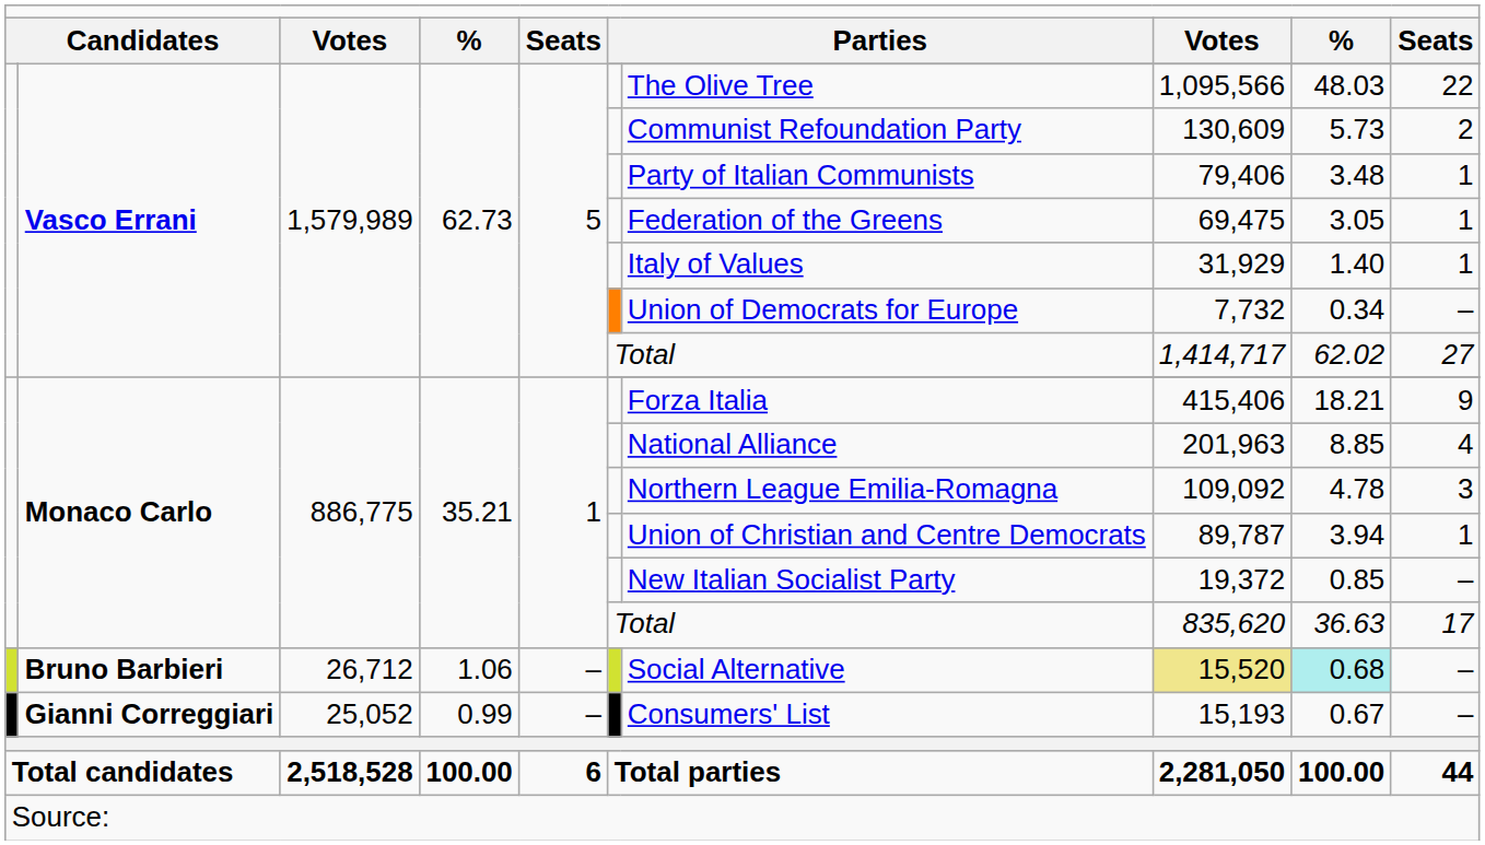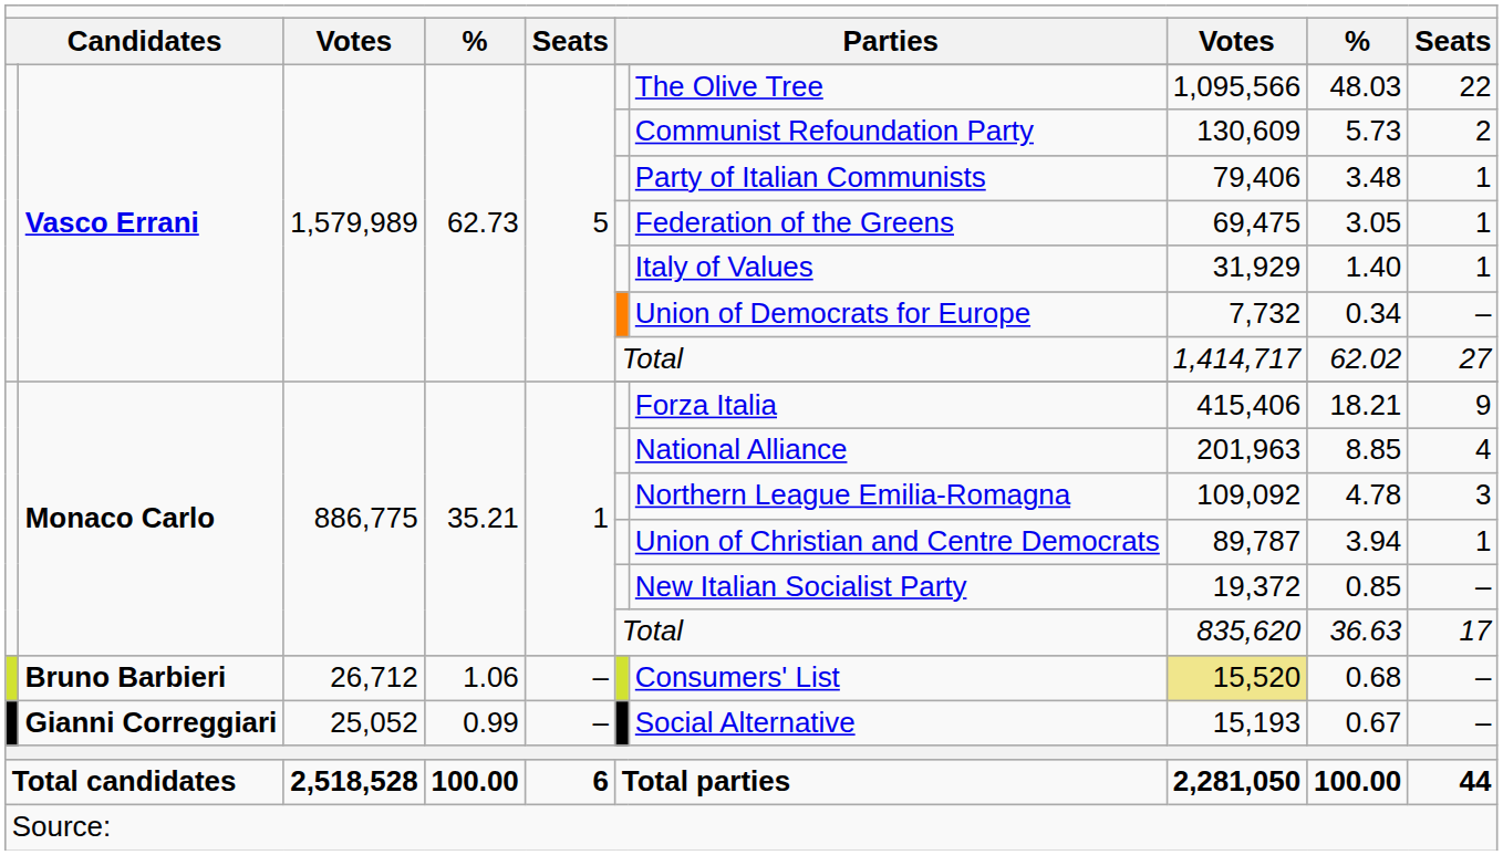 <table class="wikitable">
 <tr>
 <td colspan=10></td>
 </tr>
 <tr>
 <th colspan=2>Candidates</th>
 <th>Votes</th>
 <th>%</th>
 <th>Seats</th>
 <th colspan=2>Parties</th>
 <th>Votes</th>
 <th>%</th>
 <th>Seats</th>
 </tr>
 <tr>
 <td rowspan=8></td>
 <td rowspan=8><strong><a href='#'>Vasco Errani</a></strong></td>
 <td rowspan=8 align=right>1,579,989</td>
 <td rowspan=8 align=right>62.73</td>
 <td rowspan=8 align=right>5</td>
 </tr>
 <tr>
 <td></td>
 <td><a href='#'>The Olive Tree</a></td>
 <td align=right>1,095,566</td>
 <td align=right>48.03</td>
 <td align=right>22</td>
 </tr>
 <tr>
 <td></td>
 <td><a href='#'>Communist Refoundation Party</a></td>
 <td align=right>130,609</td>
 <td align=right>5.73</td>
 <td align=right>2</td>
 </tr>
 <tr>
 <td></td>
 <td><a href='#'>Party of Italian Communists</a></td>
 <td align=right>79,406</td>
 <td align=right>3.48</td>
 <td align=right>1</td>
 </tr>
 <tr>
 <td></td>
 <td><a href='#'>Federation of the Greens</a></td>
 <td align=right>69,475</td>
 <td align=right>3.05</td>
 <td align=right>1</td>
 </tr>
 <tr>
 <td></td>
 <td><a href='#'>Italy of Values</a></td>
 <td align=right>31,929</td>
 <td align=right>1.40</td>
 <td align=right>1</td>
 </tr>
 <tr>
 <td bgcolor="#FF7F00"></td>
 <td><a href='#'>Union of Democrats for Europe</a></td>
 <td align=right>7,732</td>
 <td align=right>0.34</td>
 <td align=right>–</td>
 </tr>
 <tr>
 <td colspan=2><em>Total</em></td>
 <td align=right><em>1,414,717</em></td>
 <td align=right><em>62.02</em></td>
 <td align=right><em>27</em></td>
 </tr>
 <tr>
 <td rowspan=7></td>
 <td rowspan=7><strong>Monaco Carlo</strong></td>
 <td rowspan=7 align=right>886,775</td>
 <td rowspan=7 align=right>35.21</td>
 <td rowspan=7 align=right>1</td>
 </tr>
 <tr>
 <td></td>
 <td><a href='#'>Forza Italia</a></td>
 <td align=right>415,406</td>
 <td align=right>18.21</td>
 <td align=right>9</td>
 </tr>
 <tr>
 <td></td>
 <td><a href='#'>National Alliance</a></td>
 <td align=right>201,963</td>
 <td align=right>8.85</td>
 <td align=right>4</td>
 </tr>
 <tr>
 <td></td>
 <td><a href='#'>Northern League Emilia-Romagna</a></td>
 <td align=right>109,092</td>
 <td align=right>4.78</td>
 <td align=right>3</td>
 </tr>
 <tr>
 <td></td>
 <td><a href='#'>Union of Christian and Centre Democrats</a></td>
 <td align=right>89,787</td>
 <td align=right>3.94</td>
 <td align=right>1</td>
 </tr>
 <tr>
 <td></td>
 <td><a href='#'>New Italian Socialist Party</a></td>
 <td align=right>19,372</td>
 <td align=right>0.85</td>
 <td align=right>–</td>
 </tr>
 <tr>
 <td colspan=2><em>Total</em></td>
 <td align=right><em>835,620</em></td>
 <td align=right><em>36.63</em></td>
 <td align=right><em>17</em></td>
 </tr>
 <tr>
 <td bgcolor="#D1E231"></td>
 <td><strong>Bruno Barbieri</strong></td>
 <td align=right>26,712</td>
 <td align=right>1.06</td>
 <td align=right>–</td>
 <td bgcolor="#D1E231"></td>
-<td><a href='#'>Social Alternative</a></td>
+<td><a href='#'>Consumers' List</a></td>
 <td align=right style="background: khaki;">15,520</td>
-<td align=right style="background: paleturquoise;">0.68</td>
+<td align=right>0.68</td>
 <td align=right>–</td>
 </tr>
 <tr>
 <td bgcolor="black"></td>
 <td><strong>Gianni Correggiari</strong></td>
 <td align=right>25,052</td>
 <td align=right>0.99</td>
 <td align=right>–</td>
 <td bgcolor="black"></td>
-<td><a href='#'>Consumers' List</a></td>
+<td><a href='#'>Social Alternative</a></td>
 <td align=right>15,193</td>
 <td align=right>0.67</td>
 <td align=right>–</td>
 </tr>
 <tr>
 <th colspan=10></th>
 </tr>
 <tr>
 <td colspan=2><strong>Total candidates</strong></td>
 <td align=right><strong>2,518,528</strong></td>
 <td align=right><strong>100.00</strong></td>
 <td align=right><strong>6</strong></td>
 <td colspan=2><strong>Total parties</strong></td>
 <td align=right><strong>2,281,050</strong></td>
 <td align=right><strong>100.00</strong></td>
 <td align=right><strong>44</strong></td>
 </tr>
 <tr>
 <td colspan=10>Source: </td>
 </tr>
 </table>
